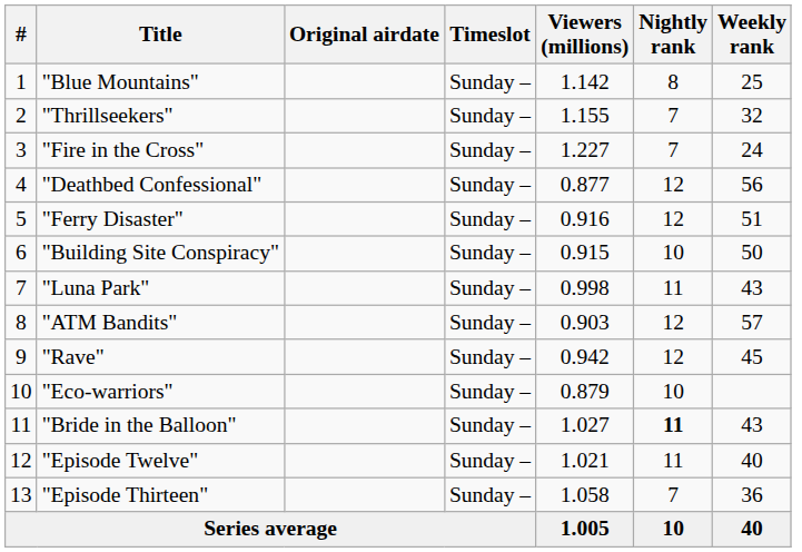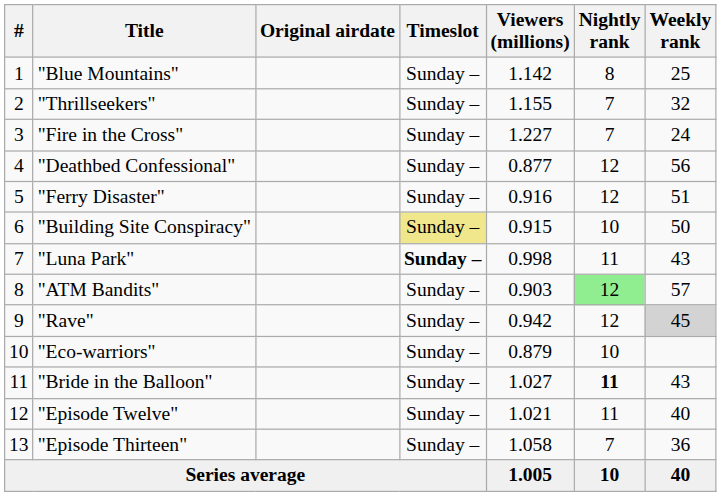 <table class="wikitable sortable" style="text-align:center">
 <tr>
 <th>#</th>
 <th>Title</th>
 <th>Original airdate</th>
 <th>Timeslot</th>
 <th>Viewers<br>(millions)</th>
 <th>Nightly<br>rank</th>
 <th>Weekly<br>rank</th>
 </tr>
 <tr>
 <td>1</td>
 <td style="text-align:left">"Blue Mountains"</td>
 <td></td>
 <td>Sunday –</td>
 <td>1.142</td>
 <td>8</td>
 <td>25</td>
 </tr>
 <tr>
 <td>2</td>
 <td style="text-align:left">"Thrillseekers"</td>
 <td></td>
 <td>Sunday –</td>
 <td>1.155</td>
 <td>7</td>
 <td>32</td>
 </tr>
 <tr>
 <td>3</td>
 <td style="text-align:left">"Fire in the Cross"</td>
 <td></td>
 <td>Sunday –</td>
 <td>1.227</td>
 <td>7</td>
 <td>24</td>
 </tr>
 <tr>
 <td>4</td>
 <td style="text-align:left">"Deathbed Confessional"</td>
 <td></td>
 <td>Sunday –</td>
 <td>0.877</td>
 <td>12</td>
 <td>56</td>
 </tr>
 <tr>
 <td>5</td>
 <td style="text-align:left">"Ferry Disaster"</td>
 <td></td>
 <td>Sunday –</td>
 <td>0.916</td>
 <td>12</td>
 <td>51</td>
 </tr>
 <tr>
 <td>6</td>
 <td style="text-align:left">"Building Site Conspiracy"</td>
 <td></td>
-<td>Sunday –</td>
+<td style="background: khaki;">Sunday –</td>
 <td>0.915</td>
 <td>10</td>
 <td>50</td>
 </tr>
 <tr>
 <td>7</td>
 <td style="text-align:left">"Luna Park"</td>
 <td></td>
-<td>Sunday –</td>
+<td><strong>Sunday –</strong></td>
 <td>0.998</td>
 <td>11</td>
 <td>43</td>
 </tr>
 <tr>
 <td>8</td>
 <td style="text-align:left">"ATM Bandits"</td>
 <td></td>
 <td>Sunday –</td>
 <td>0.903</td>
-<td>12</td>
+<td style="background: lightgreen;">12</td>
 <td>57</td>
 </tr>
 <tr>
 <td>9</td>
 <td style="text-align:left">"Rave"</td>
 <td></td>
 <td>Sunday –</td>
 <td>0.942</td>
 <td>12</td>
-<td>45</td>
+<td style="background: lightgrey;">45</td>
 </tr>
 <tr>
 <td>10</td>
 <td style="text-align:left">"Eco-warriors"</td>
 <td></td>
 <td>Sunday –</td>
 <td>0.879</td>
 <td>10</td>
 <td></td>
 </tr>
 <tr>
 <td>11</td>
 <td style="text-align:left">"Bride in the Balloon"</td>
 <td></td>
 <td>Sunday –</td>
 <td>1.027</td>
 <td><strong>11</strong></td>
 <td>43</td>
 </tr>
 <tr>
 <td>12</td>
 <td style="text-align:left">"Episode Twelve"</td>
 <td></td>
 <td>Sunday –</td>
 <td>1.021</td>
 <td>11</td>
 <td>40</td>
 </tr>
 <tr>
 <td>13</td>
 <td style="text-align:left">"Episode Thirteen"</td>
 <td></td>
 <td>Sunday –</td>
 <td>1.058</td>
 <td>7</td>
 <td>36</td>
 </tr>
 <tr class="sortbottom" style="font-weight:bold; background:#f0f0f0">
 <td colspan=4>Series average</td>
 <td>1.005</td>
 <td>10</td>
 <td>40</td>
 </tr>
 </table>
